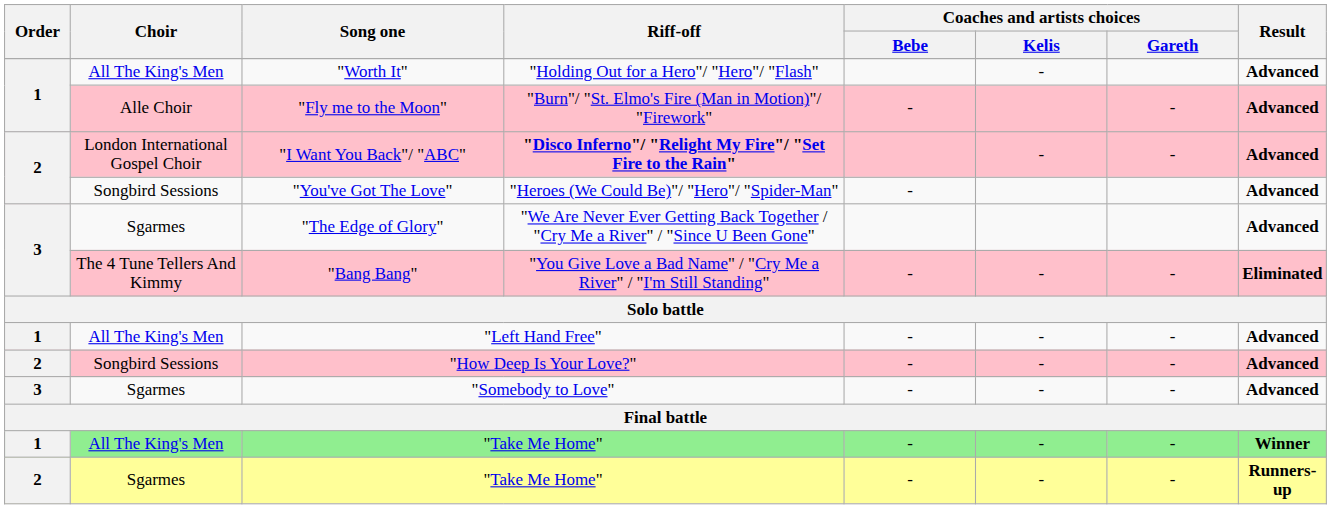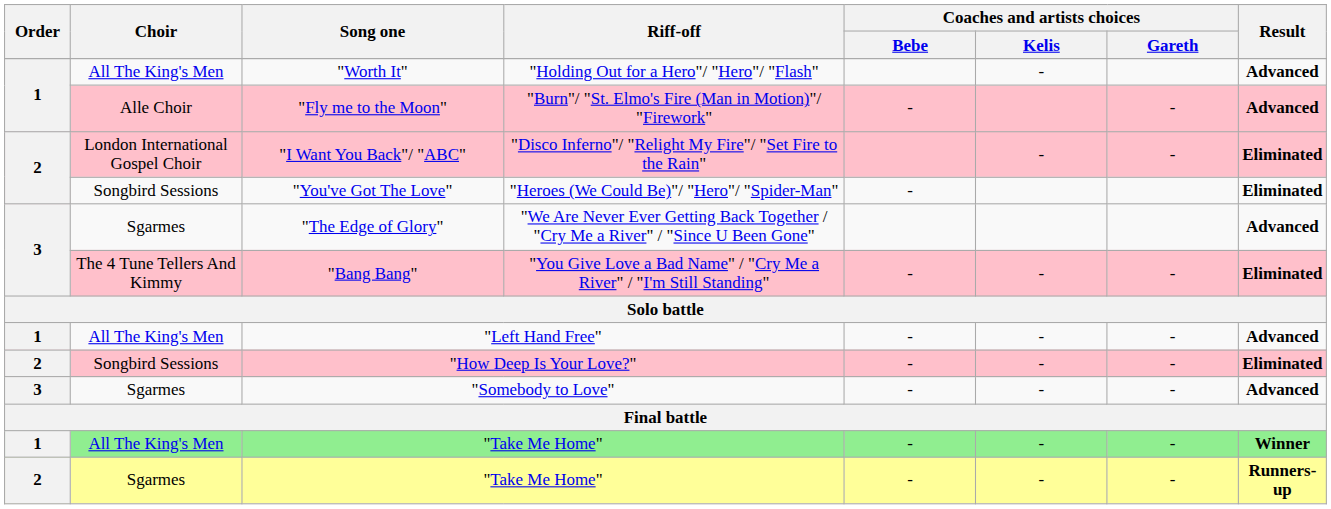 <table class="wikitable plainrowheaders" style="text-align:center;">
 <tr>
 <th scope="col" rowspan="2" style="width:05%;">Order</th>
 <th scope="col" rowspan="2" style="width:13%;">Choir</th>
 <th scope="col" rowspan="2" style="width:20%;">Song one</th>
 <th scope="col" rowspan="2" style="width:26%;">Riff-off</th>
 <th colspan="3" style="width:40%;">Coaches and artists choices</th>
 <th scope="col" rowspan="2" style="width:05%;">Result</th>
 </tr>
 <tr>
 <th style="width:10%;"><a href='#'>Bebe</a></th>
 <th style="width:10%;"><a href='#'>Kelis</a></th>
 <th style="width:10%;"><a href='#'>Gareth</a></th>
 </tr>
 <tr>
 </tr>
 <tr>
 <th rowspan="2" scope="row">1</th>
 <td><a href='#'>All The King's Men</a></td>
 <td>"<a href='#'>Worth It</a>"</td>
 <td>"<a href='#'>Holding Out for a Hero</a>"/ "<a href='#'>Hero</a>"/ "<a href='#'>Flash</a>"</td>
 <td><strong></strong></td>
 <td>-</td>
 <td><strong></strong></td>
 <td><strong>Advanced</strong></td>
 </tr>
 <tr style="background:pink;">
 <td>Alle Choir</td>
 <td>"<a href='#'>Fly me to the Moon</a>"</td>
 <td>"<a href='#'>Burn</a>"/ "<a href='#'>St. Elmo's Fire (Man in Motion)</a>"/ "<a href='#'>Firework</a>"</td>
 <td>-</td>
 <td><strong></strong></td>
 <td>-</td>
 <td><strong>Advanced</strong></td>
 </tr>
 <tr style="background:pink;">
 <th rowspan="2" scope="row">2</th>
 <td>London International Gospel Choir</td>
 <td>"<a href='#'>I Want You Back</a>"/ "<a href='#'>ABC</a>"</td>
-<td><strong>"<a href='#'>Disco Inferno</a>"/ "<a href='#'>Relight My Fire</a>"/ "<a href='#'>Set Fire to the Rain</a>"</strong></td>
+<td>"<a href='#'>Disco Inferno</a>"/ "<a href='#'>Relight My Fire</a>"/ "<a href='#'>Set Fire to the Rain</a>"</td>
 <td><strong></strong></td>
 <td>-</td>
 <td>-</td>
-<td><strong>Advanced</strong></td>
+<td><strong>Eliminated</strong></td>
 </tr>
 <tr>
 <td>Songbird Sessions</td>
 <td>"<a href='#'>You've Got The Love</a>"</td>
 <td>"<a href='#'>Heroes (We Could Be)</a>"/ "<a href='#'>Hero</a>"/ "<a href='#'>Spider-Man</a>"</td>
 <td>-</td>
 <td><strong></strong></td>
 <td><strong></strong></td>
-<td><strong>Advanced</strong></td>
+<td><strong>Eliminated</strong></td>
 </tr>
 <tr>
 <th rowspan="2" scope="row">3</th>
 <td>Sgarmes</td>
 <td>"<a href='#'>The Edge of Glory</a>"</td>
 <td>"<a href='#'>We Are Never Ever Getting Back Together</a> / "<a href='#'>Cry Me a River</a>" / "<a href='#'>Since U Been Gone</a>"</td>
 <td><strong></strong></td>
 <td><strong></strong></td>
 <td><strong></strong></td>
 <td><strong>Advanced</strong></td>
 </tr>
 <tr style="background:pink;">
 <td>The 4 Tune Tellers And Kimmy</td>
 <td>"<a href='#'>Bang Bang</a>"</td>
 <td>"<a href='#'>You Give Love a Bad Name</a>" / "<a href='#'>Cry Me a River</a>" / "<a href='#'>I'm Still Standing</a>"</td>
 <td>-</td>
 <td>-</td>
 <td>-</td>
 <td><strong>Eliminated</strong></td>
 </tr>
 <tr>
 <th colspan="8">Solo battle</th>
 </tr>
 <tr>
 <th scope="row">1</th>
 <td><a href='#'>All The King's Men</a></td>
 <td colspan="2">"<a href='#'>Left Hand Free</a>"</td>
 <td>-</td>
 <td>-</td>
 <td>-</td>
 <td><strong>Advanced</strong></td>
 </tr>
 <tr style="background:pink;">
 <th scope="row">2</th>
 <td>Songbird Sessions</td>
 <td colspan="2">"<a href='#'>How Deep Is Your Love?</a>"</td>
 <td>-</td>
 <td>-</td>
 <td>-</td>
-<td><strong>Advanced</strong></td>
+<td><strong>Eliminated</strong></td>
 </tr>
 <tr>
 <th scope="row">3</th>
 <td>Sgarmes</td>
 <td colspan="2">"<a href='#'>Somebody to Love</a>"</td>
 <td>-</td>
 <td>-</td>
 <td>-</td>
 <td><strong>Advanced</strong></td>
 </tr>
 <tr>
 <th colspan="8">Final battle</th>
 </tr>
 <tr style="background:lightgreen;">
 <th scope="row">1</th>
 <td><a href='#'>All The King's Men</a></td>
 <td colspan="2">"<a href='#'>Take Me Home</a>"</td>
 <td>-</td>
 <td>-</td>
 <td>-</td>
 <td><strong>Winner</strong></td>
 </tr>
 <tr style="background:#ff9;">
 <th scope="row">2</th>
 <td>Sgarmes</td>
 <td colspan="2">"<a href='#'>Take Me Home</a>"</td>
 <td>-</td>
 <td>-</td>
 <td>-</td>
 <td><strong>Runners-up</strong></td>
 </tr>
 </table>
